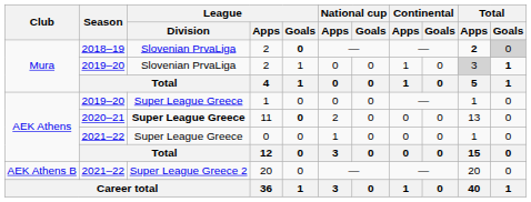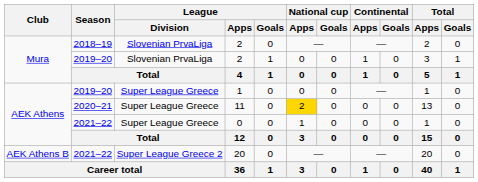 <table class="wikitable" style="text-align:center">
 <tr>
 <th rowspan=2>Club</th>
 <th rowspan=2>Season</th>
 <th colspan=3>League</th>
 <th colspan=2>National cup</th>
 <th colspan=2>Continental</th>
 <th colspan=2>Total</th>
 </tr>
 <tr>
 <th>Division</th>
 <th>Apps</th>
 <th>Goals</th>
 <th>Apps</th>
 <th>Goals</th>
 <th>Apps</th>
 <th>Goals</th>
 <th>Apps</th>
 <th>Goals</th>
 </tr>
 <tr>
 <td rowspan="3"><a href='#'>Mura</a></td>
 <td><a href='#'>2018–19</a></td>
 <td><a href='#'>Slovenian PrvaLiga</a></td>
 <td>2</td>
-<td><strong>0</strong></td>
+<td>0</td>
 <td colspan="2">—</td>
 <td colspan="2">—</td>
-<td><strong>2</strong></td>
-<td style="background: lightgrey;">0</td>
+<td>2</td>
+<td>0</td>
 </tr>
 <tr>
 <td><a href='#'>2019–20</a></td>
 <td>Slovenian PrvaLiga</td>
 <td>2</td>
 <td>1</td>
 <td>0</td>
 <td>0</td>
 <td>1</td>
 <td>0</td>
-<td style="background: lightgrey;">3</td>
-<td><strong>1</strong></td>
+<td>3</td>
+<td>1</td>
 </tr>
 <tr>
 <th colspan="2">Total</th>
 <th>4</th>
 <th>1</th>
 <th>0</th>
 <th>0</th>
 <th>1</th>
 <th>0</th>
 <th>5</th>
 <th>1</th>
 </tr>
 <tr>
 <td rowspan="4"><a href='#'>AEK Athens</a></td>
 <td><a href='#'>2019–20</a></td>
 <td><a href='#'>Super League Greece</a></td>
 <td>1</td>
 <td>0</td>
 <td>0</td>
 <td>0</td>
 <td colspan="2">—</td>
 <td>1</td>
 <td>0</td>
 </tr>
 <tr>
 <td><a href='#'>2020–21</a></td>
-<td><strong>Super League Greece</strong></td>
+<td>Super League Greece</td>
 <td>11</td>
-<td><strong>0</strong></td>
-<td>2</td>
+<td>0</td>
+<td style="background: gold;">2</td>
 <td>0</td>
 <td>0</td>
 <td>0</td>
 <td>13</td>
 <td>0</td>
 </tr>
 <tr>
 <td><a href='#'>2021–22</a></td>
 <td>Super League Greece</td>
 <td>0</td>
 <td>0</td>
 <td>1</td>
 <td>0</td>
 <td>0</td>
 <td>0</td>
 <td>1</td>
 <td>0</td>
 </tr>
 <tr>
 <th colspan="2">Total</th>
 <th>12</th>
 <th>0</th>
 <th>3</th>
 <th>0</th>
 <th>0</th>
 <th>0</th>
 <th>15</th>
 <th>0</th>
 </tr>
 <tr>
 <td><a href='#'>AEK Athens B</a></td>
 <td><a href='#'>2021–22</a></td>
 <td><a href='#'>Super League Greece 2</a></td>
 <td>20</td>
 <td>0</td>
 <td colspan="2">—</td>
 <td colspan="2">—</td>
 <td>20</td>
 <td>0</td>
 </tr>
 <tr>
 <th colspan=3>Career total</th>
 <th>36</th>
 <th>1</th>
 <th>3</th>
 <th>0</th>
 <th>1</th>
 <th>0</th>
 <th>40</th>
 <th>1</th>
 </tr>
 </table>
